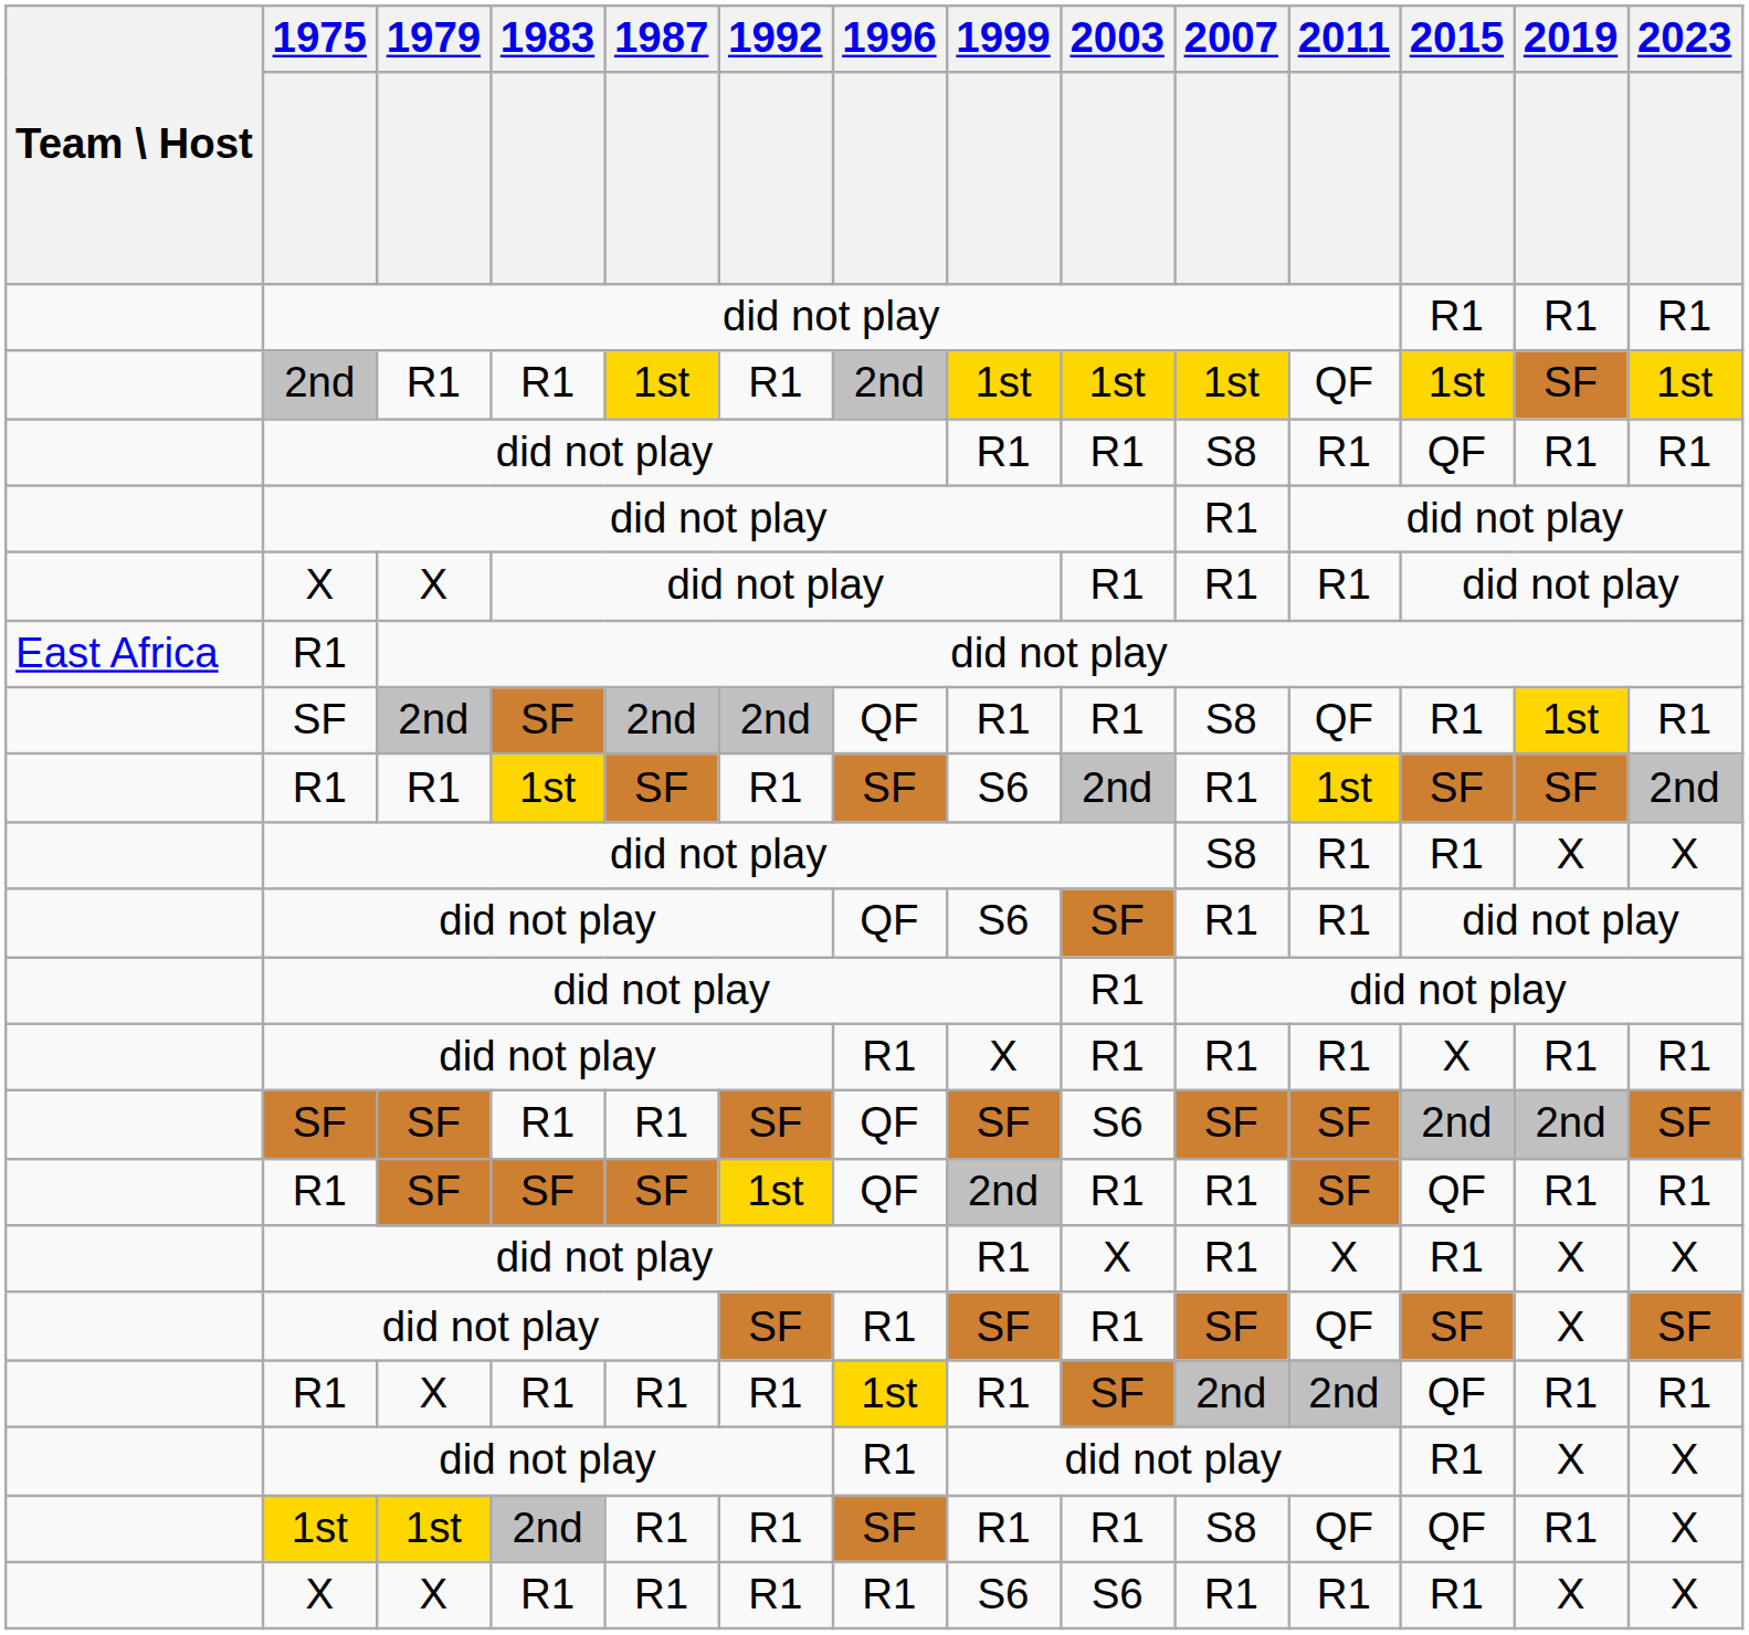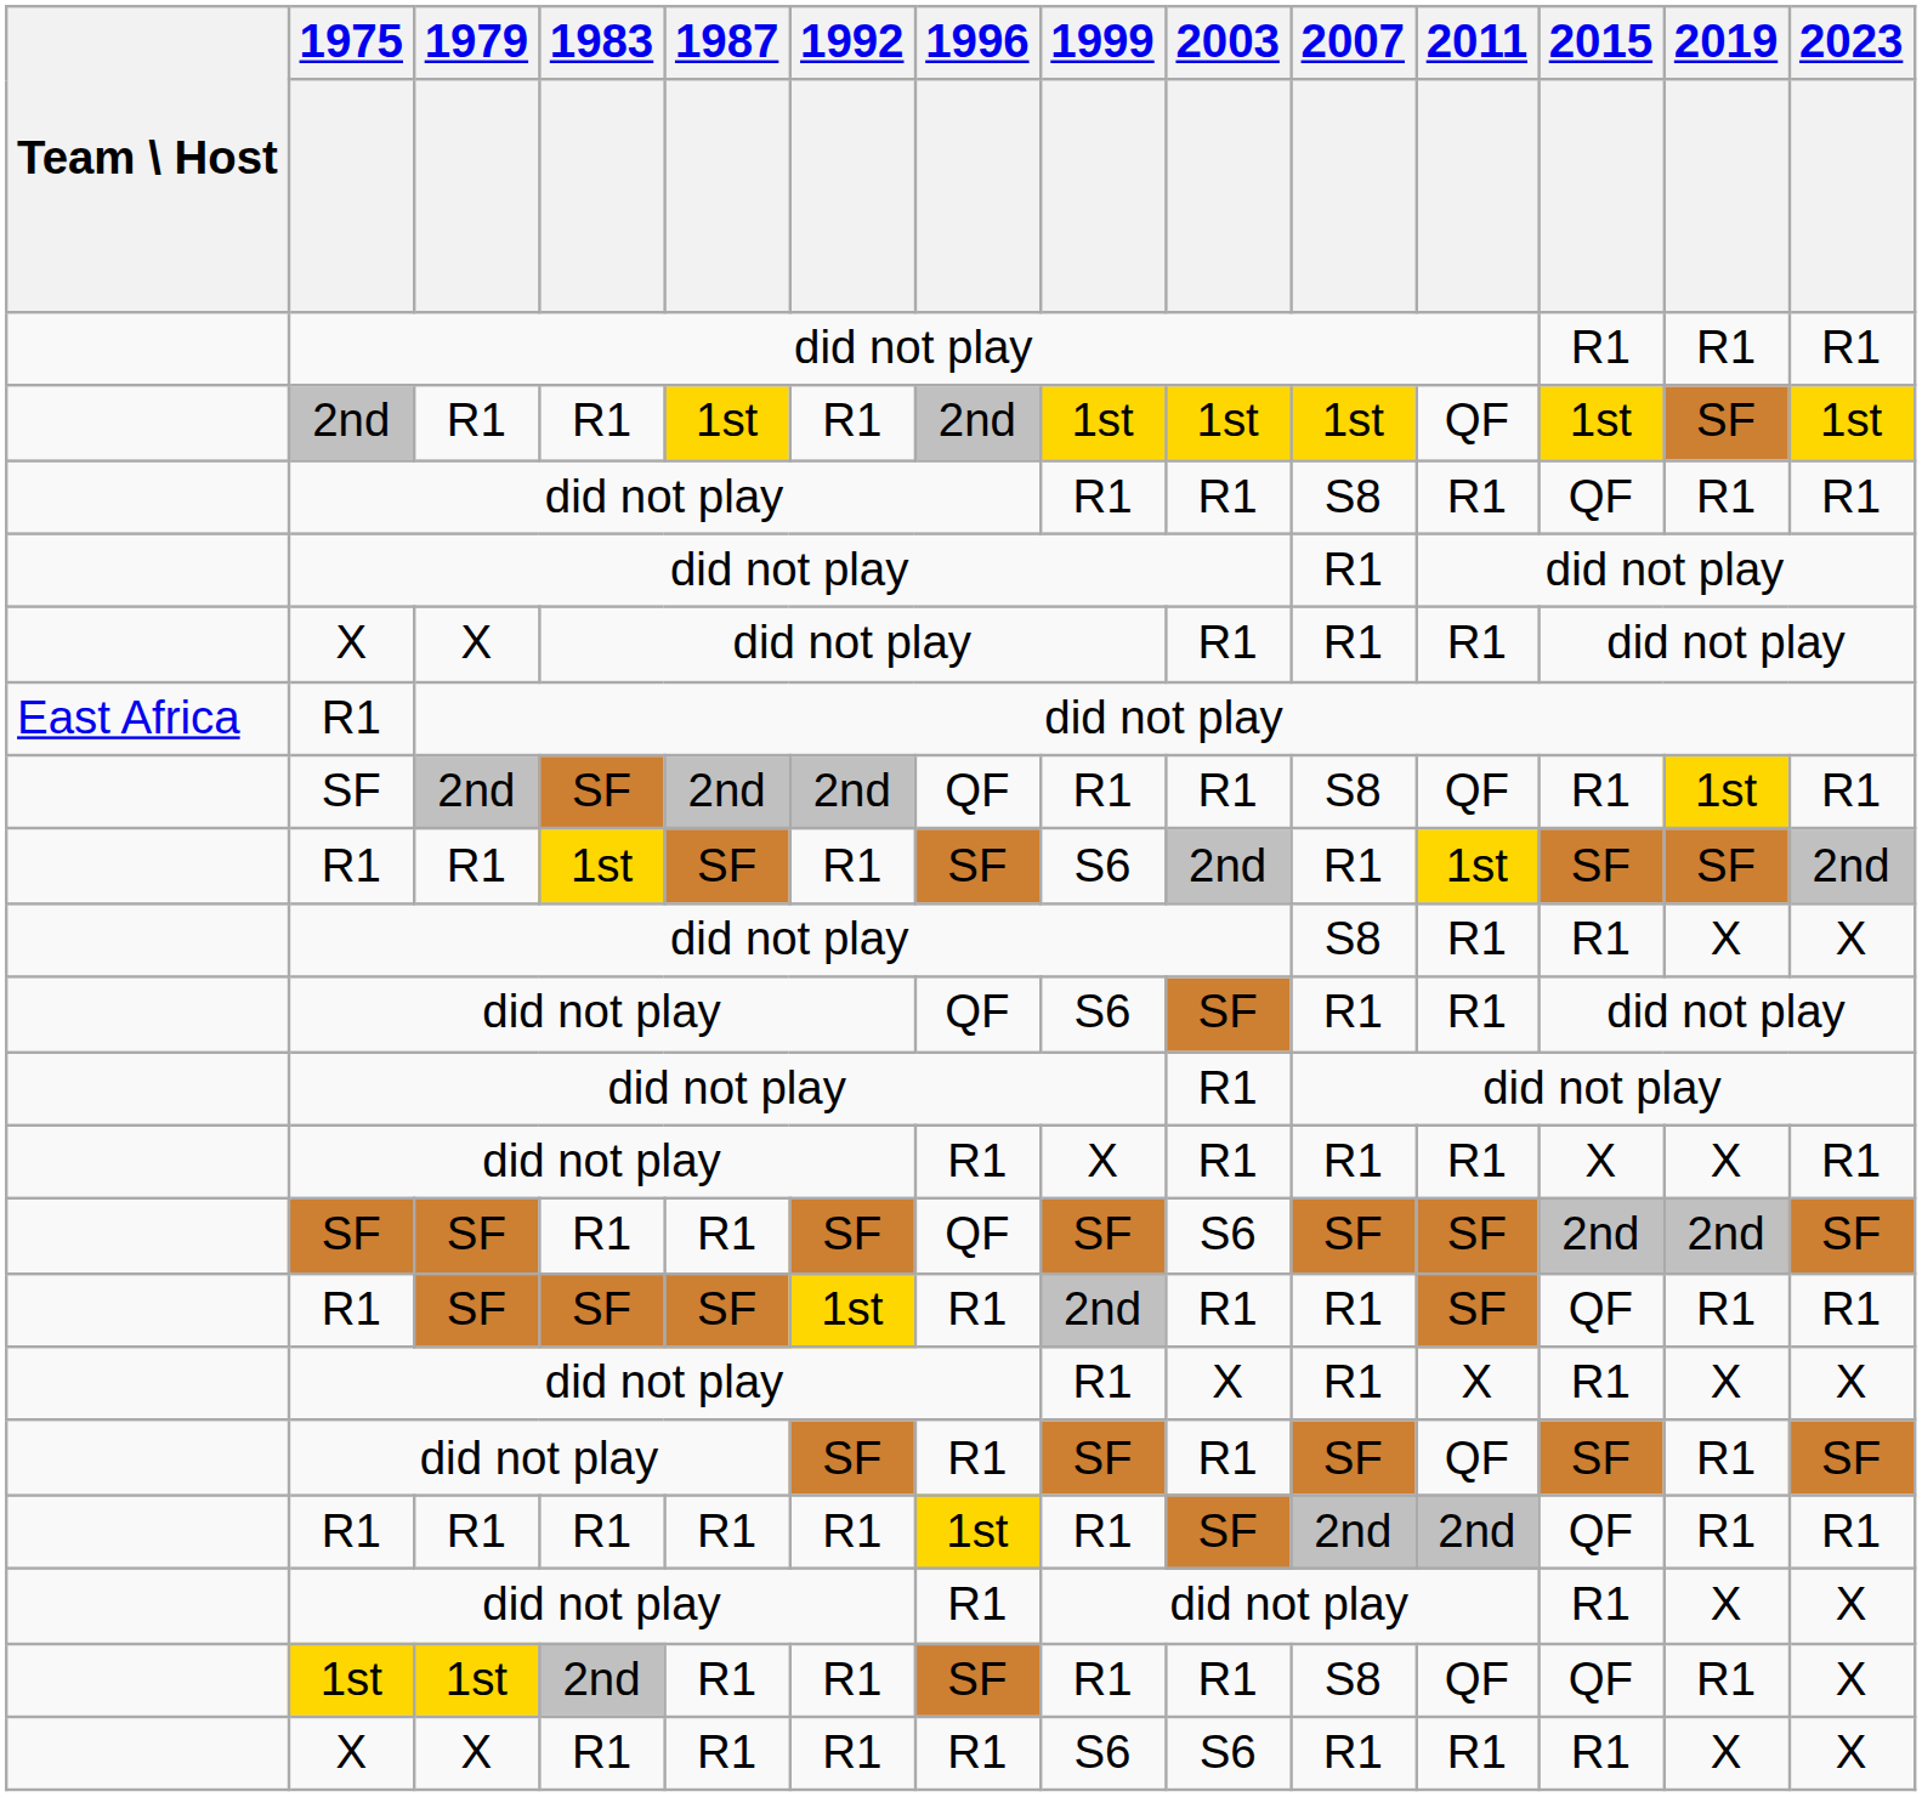 <table class="wikitable" style="text-align: center;">
 <tr>
 <th rowspan=2>Team \ Host</th>
 <th><a href='#'>1975</a></th>
 <th><a href='#'>1979</a></th>
 <th><a href='#'>1983</a></th>
 <th><a href='#'>1987</a></th>
 <th><a href='#'>1992</a></th>
 <th><a href='#'>1996</a></th>
 <th><a href='#'>1999</a></th>
 <th><a href='#'>2003</a></th>
 <th><a href='#'>2007</a></th>
 <th><a href='#'>2011</a></th>
 <th><a href='#'>2015</a></th>
 <th><a href='#'>2019</a></th>
 <th><a href='#'>2023</a></th>
 </tr>
 <tr>
 <th></th>
 <th></th>
 <th><br></th>
 <th><br></th>
 <th><br></th>
 <th><br><br></th>
 <th><br><br><br><br></th>
 <th><br><br></th>
 <th></th>
 <th><br><br></th>
 <th><br></th>
 <th><br></th>
 <th></th>
 </tr>
 <tr>
 <td align="left"></td>
 <td colspan=10>did not play</td>
 <td>R1</td>
 <td>R1</td>
 <td>R1</td>
 </tr>
 <tr>
 <td align="left"></td>
 <td bgcolor=silver>2nd</td>
 <td>R1</td>
 <td>R1</td>
 <td bgcolor=gold>1st</td>
 <td>R1</td>
 <td bgcolor=silver>2nd</td>
 <td bgcolor=gold>1st</td>
 <td bgcolor=gold>1st</td>
 <td bgcolor=gold>1st</td>
 <td>QF</td>
 <td bgcolor=gold>1st</td>
 <td bgcolor=#cd7f32>SF</td>
 <td bgcolor=gold>1st</td>
 </tr>
 <tr>
 <td align="left"></td>
 <td colspan=6>did not play</td>
 <td>R1</td>
 <td>R1</td>
 <td>S8</td>
 <td>R1</td>
 <td>QF</td>
 <td>R1</td>
 <td>R1</td>
 </tr>
 <tr>
 <td align="left"></td>
 <td colspan=8>did not play</td>
 <td>R1</td>
 <td colspan=6>did not play</td>
 </tr>
 <tr>
 <td align="left"></td>
 <td>X</td>
 <td>X</td>
 <td colspan=5>did not play</td>
 <td>R1</td>
 <td>R1</td>
 <td>R1</td>
 <td colspan=6>did not play</td>
 </tr>
 <tr>
 <td align="left"><span> <a href='#'>East Africa</a></span></td>
 <td>R1</td>
 <td colspan=15>did not play</td>
 </tr>
 <tr>
 <td align="left"></td>
 <td>SF</td>
 <td bgcolor=silver>2nd</td>
 <td bgcolor=#cd7f32>SF</td>
 <td bgcolor=silver>2nd</td>
 <td bgcolor=silver>2nd</td>
 <td>QF</td>
 <td>R1</td>
 <td>R1</td>
 <td>S8</td>
 <td>QF</td>
 <td>R1</td>
 <td bgcolor=gold>1st</td>
 <td>R1</td>
 </tr>
 <tr>
 <td align="left"></td>
 <td>R1</td>
 <td>R1</td>
 <td bgcolor=gold>1st</td>
 <td bgcolor=#cd7f32>SF</td>
 <td>R1</td>
 <td bgcolor=#cd7f32>SF</td>
 <td>S6</td>
 <td bgcolor=silver>2nd</td>
 <td>R1</td>
 <td bgcolor=gold>1st</td>
 <td bgcolor=#cd7f32>SF</td>
 <td bgcolor=#cd7f32>SF</td>
 <td bgcolor=silver>2nd</td>
 </tr>
 <tr>
 <td align="left"></td>
 <td colspan=8>did not play</td>
 <td>S8</td>
 <td>R1</td>
 <td>R1</td>
 <td>X</td>
 <td>X</td>
 </tr>
 <tr>
 <td align="left"></td>
 <td colspan=5>did not play</td>
 <td>QF</td>
 <td>S6</td>
 <td bgcolor=#cd7f32>SF</td>
 <td>R1</td>
 <td>R1</td>
 <td colspan=6>did not play</td>
 </tr>
 <tr>
 <td align="left"></td>
 <td colspan=7>did not play</td>
 <td>R1</td>
 <td colspan=10>did not play</td>
 </tr>
 <tr>
 <td align="left"></td>
 <td colspan=5>did not play</td>
 <td>R1</td>
 <td>X</td>
 <td>R1</td>
 <td>R1</td>
 <td>R1</td>
 <td>X</td>
-<td>R1</td>
+<td>X</td>
 <td>R1</td>
 </tr>
 <tr>
 <td align="left"></td>
 <td bgcolor=#cd7f32>SF</td>
 <td bgcolor=#cd7f32>SF</td>
 <td>R1</td>
 <td>R1</td>
 <td bgcolor=#cd7f32>SF</td>
 <td>QF</td>
 <td bgcolor=#cd7f32>SF</td>
 <td>S6</td>
 <td bgcolor=#cd7f32>SF</td>
 <td bgcolor=#cd7f32>SF</td>
 <td bgcolor=silver>2nd</td>
 <td bgcolor=silver>2nd</td>
 <td bgcolor=#cd7f32>SF</td>
 </tr>
 <tr>
 <td align="left"></td>
 <td>R1</td>
 <td bgcolor=#cd7f32>SF</td>
 <td bgcolor=#cd7f32>SF</td>
 <td bgcolor=#cd7f32>SF</td>
 <td bgcolor=gold>1st</td>
-<td>QF</td>
+<td>R1</td>
 <td bgcolor=silver>2nd</td>
 <td>R1</td>
 <td>R1</td>
 <td bgcolor=#cd7f32>SF</td>
 <td>QF</td>
 <td>R1</td>
 <td>R1</td>
 </tr>
 <tr>
 <td align="left"></td>
 <td colspan=6>did not play</td>
 <td>R1</td>
 <td>X</td>
 <td>R1</td>
 <td>X</td>
 <td>R1</td>
 <td>X</td>
 <td>X</td>
 </tr>
 <tr>
 <td align="left"></td>
 <td colspan=4>did not play</td>
 <td bgcolor=#cd7f32>SF</td>
 <td>R1</td>
 <td bgcolor=#cd7f32>SF</td>
 <td>R1</td>
 <td bgcolor=#cd7f32>SF</td>
 <td>QF</td>
 <td bgcolor=#cd7f32>SF</td>
-<td>X</td>
+<td>R1</td>
 <td bgcolor=#cd7f32>SF</td>
 </tr>
 <tr>
 <td align="left"></td>
 <td>R1</td>
-<td>X</td>
+<td>R1</td>
 <td>R1</td>
 <td>R1</td>
 <td>R1</td>
 <td bgcolor=gold>1st</td>
 <td>R1</td>
 <td bgcolor=#cd7f32>SF</td>
 <td bgcolor=silver>2nd</td>
 <td bgcolor=silver>2nd</td>
 <td>QF</td>
 <td>R1</td>
 <td>R1</td>
 </tr>
 <tr>
 <td align="left"></td>
 <td colspan=5>did not play</td>
 <td>R1</td>
 <td colspan=4>did not play</td>
 <td>R1</td>
 <td>X</td>
 <td>X</td>
 </tr>
 <tr>
 <td align="left"></td>
 <td bgcolor=gold>1st</td>
 <td bgcolor=gold>1st</td>
 <td bgcolor=silver>2nd</td>
 <td>R1</td>
 <td>R1</td>
 <td bgcolor=#cd7f32>SF</td>
 <td>R1</td>
 <td>R1</td>
 <td>S8</td>
 <td>QF</td>
 <td>QF</td>
 <td>R1</td>
 <td>X</td>
 </tr>
 <tr>
 <td align="left"></td>
 <td>X</td>
 <td>X</td>
 <td>R1</td>
 <td>R1</td>
 <td>R1</td>
 <td>R1</td>
 <td>S6</td>
 <td>S6</td>
 <td>R1</td>
 <td>R1</td>
 <td>R1</td>
 <td>X</td>
 <td>X</td>
 </tr>
 </table>
